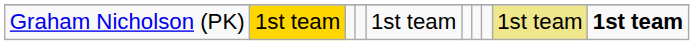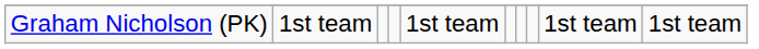 <table class="wikitable sortable sortable" style="text-align: center">
 <tr>
 </tr>
 <tr>
 <td><a href='#'>Graham Nicholson</a> (PK)</td>
-<td style="background: gold;">1st team</td>
+<td>1st team</td>
 <td></td>
 <td></td>
 <td>1st team</td>
 <td></td>
 <td></td>
 <td></td>
-<td style="background: khaki;">1st team</td>
-<td><strong>1st team</strong></td>
+<td>1st team</td>
+<td>1st team</td>
 </tr>
 </table>
